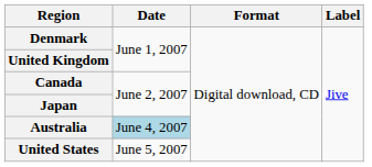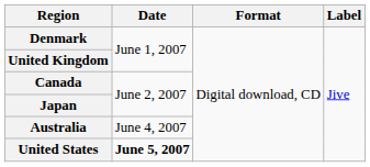 <table class="wikitable plainrowheaders">
 <tr>
 <th scope="col">Region</th>
 <th scope="col">Date</th>
 <th scope="col">Format</th>
 <th scope="col">Label</th>
 </tr>
 <tr>
 <th scope="row">Denmark</th>
 <td rowspan="2">June 1, 2007</td>
 <td rowspan="6">Digital download, CD</td>
 <td rowspan="6"><a href='#'>Jive</a></td>
 </tr>
 <tr>
 <th scope="row">United Kingdom</th>
 </tr>
 <tr>
 <th scope="row">Canada</th>
 <td rowspan="2">June 2, 2007</td>
 </tr>
 <tr>
 <th scope="row">Japan</th>
 </tr>
 <tr>
 <th scope="row">Australia</th>
-<td style="background: lightblue;">June 4, 2007</td>
+<td>June 4, 2007</td>
 </tr>
 <tr>
 <th scope="row">United States</th>
-<td>June 5, 2007</td>
+<td><strong>June 5, 2007</strong></td>
 </tr>
 </table>
